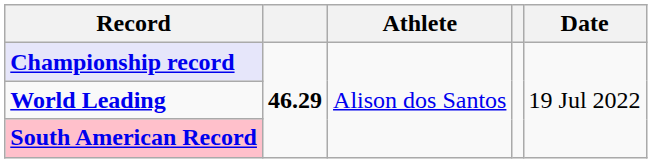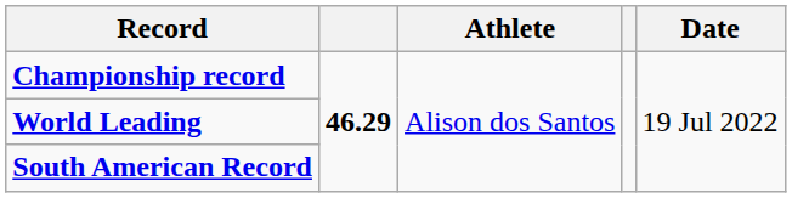 <table class="wikitable">
 <tr>
 <th>Record</th>
 <th></th>
 <th>Athlete</th>
 <th></th>
 <th>Date</th>
 </tr>
 <tr>
-<td style="background: lavender;"><strong><a href='#'>Championship record</a></strong></td>
+<td><strong><a href='#'>Championship record</a></strong></td>
 <td rowspan="3"><strong>46.29</strong></td>
 <td rowspan="3"><a href='#'>Alison dos Santos</a></td>
 <td rowspan="3"></td>
 <td rowspan="3">19 Jul 2022</td>
 </tr>
 <tr>
 <td><strong><a href='#'>World Leading</a></strong></td>
 </tr>
 <tr>
-<td style="background: pink;"><strong><a href='#'>South American Record</a></strong></td>
+<td><strong><a href='#'>South American Record</a></strong></td>
 </tr>
 </table>
